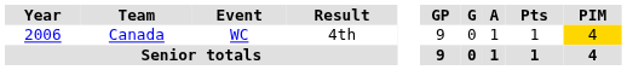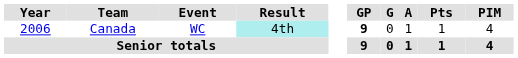 <table border="0" cellpadding="1" cellspacing="0" style="text-align:center; width:40em">
 <tr ALIGN="center" bgcolor="#e0e0e0">
 <th>Year</th>
 <th>Team</th>
 <th>Event</th>
 <th>Result</th>
 <th ALIGN="center" rowspan="99" bgcolor="#ffffff"> </th>
 <th>GP</th>
 <th>G</th>
 <th>A</th>
 <th>Pts</th>
 <th>PIM</th>
 </tr>
 <tr>
 <td><a href='#'>2006</a></td>
 <td><a href='#'>Canada</a></td>
 <td><a href='#'>WC</a></td>
-<td>4th</td>
-<td>9</td>
+<td style="background: paleturquoise;">4th</td>
+<td><strong>9</strong></td>
 <td>0</td>
 <td>1</td>
 <td>1</td>
-<td style="background: gold;">4</td>
+<td>4</td>
 </tr>
 <tr bgcolor="#e0e0e0">
 <th colspan=4>Senior totals</th>
 <th>9</th>
 <th>0</th>
 <th>1</th>
 <th>1</th>
 <th>4</th>
 </tr>
 </table>
